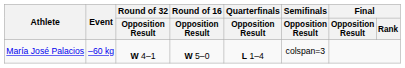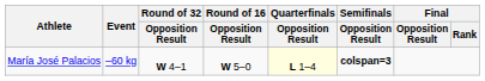 <table class="wikitable" style="font-size:90%">
 <tr>
 <th rowspan="2">Athlete</th>
 <th rowspan="2">Event</th>
 <th>Round of 32</th>
 <th>Round of 16</th>
 <th>Quarterfinals</th>
 <th>Semifinals</th>
 <th colspan=2>Final</th>
 </tr>
 <tr style="font-size:95%">
 <th>Opposition<br>Result</th>
 <th>Opposition<br>Result</th>
 <th>Opposition<br>Result</th>
 <th>Opposition<br>Result</th>
 <th>Opposition<br>Result</th>
 <th>Rank</th>
 </tr>
 <tr align=center>
 <td align=left><a href='#'>María José Palacios</a></td>
 <td align=left><a href='#'>–60 kg</a></td>
 <td><br><strong>W</strong> 4–1</td>
 <td><br><strong>W</strong> 5–0</td>
-<td><br><strong>L</strong> 1–4</td>
-<td>colspan=3 </td>
+<td style="background: lightyellow;"><br><strong>L</strong> 1–4</td>
+<td><strong>colspan=3 </strong></td>
 </tr>
 </table>
